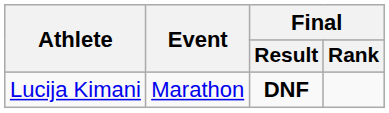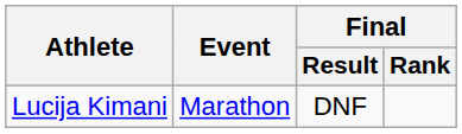 <table class=wikitable style="font-size:90%">
 <tr>
 <th rowspan="2">Athlete</th>
 <th rowspan="2">Event</th>
 <th colspan="2">Final</th>
 </tr>
 <tr style="font-size:95%">
 <th>Result</th>
 <th>Rank</th>
 </tr>
 <tr align=center>
 <td align=left><a href='#'>Lucija Kimani</a></td>
 <td align=left><a href='#'>Marathon</a></td>
-<td><strong>DNF</strong></td>
+<td>DNF</td>
 <td></td>
 </tr>
 </table>
